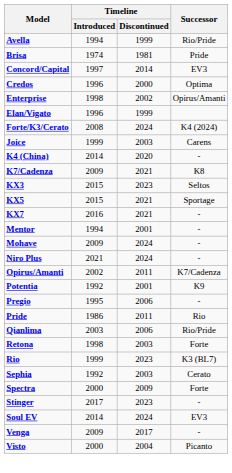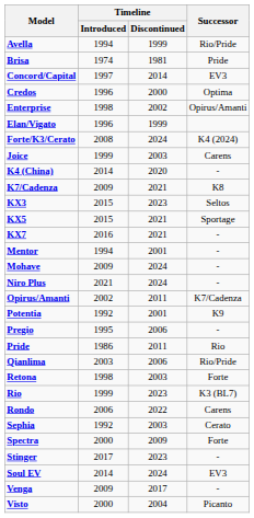 <table class="wikitable sortable" style="text-align: center; font-size: 0.90em; width: 25%">
 <tr>
 <th rowspan="2">Model</th>
 <th colspan="2">Timeline</th>
 <th rowspan="2" width="14%">Successor</th>
 </tr>
 <tr>
 <th width="25%">Introduced</th>
 <th width="25%">Discontinued</th>
 </tr>
 <tr>
 <td style="text-align: left"><a href='#'><strong>Avella</strong></a></td>
 <td>1994</td>
 <td>1999</td>
 <td>Rio/Pride</td>
 </tr>
 <tr>
 <td style="text-align: left"><a href='#'><strong>Brisa</strong></a></td>
 <td>1974</td>
 <td>1981</td>
 <td>Pride</td>
 </tr>
 <tr>
 <td style="text-align: left"><a href='#'><strong>Concord/Capital</strong></a></td>
 <td>1997</td>
 <td>2014</td>
 <td>EV3</td>
 </tr>
 <tr>
 <td style="text-align: left"><a href='#'><strong>Credos</strong></a></td>
 <td>1996</td>
 <td>2000</td>
 <td>Optima</td>
 </tr>
 <tr>
 <td style="text-align: left"><a href='#'><strong>Enterprise</strong></a></td>
 <td>1998</td>
 <td>2002</td>
 <td>Opirus/Amanti</td>
 </tr>
 <tr>
 <td style="text-align: left"><a href='#'><strong>Elan/Vigato</strong></a></td>
 <td>1996</td>
 <td>1999</td>
 <td></td>
 </tr>
 <tr>
 <td style="text-align: left"><a href='#'><strong>Forte/K3/Cerato</strong></a></td>
 <td>2008</td>
 <td>2024</td>
 <td>K4 (2024)</td>
 </tr>
 <tr>
 <td style="text-align: left"><a href='#'><strong>Joice</strong></a></td>
 <td>1999</td>
 <td>2003</td>
 <td>Carens</td>
 </tr>
 <tr>
 <td style="text-align: left"><a href='#'><strong>K4 (China)</strong></a></td>
 <td>2014</td>
 <td>2020</td>
 <td>-</td>
 </tr>
 <tr>
 <td style="text-align: left"><a href='#'><strong>K7/Cadenza</strong></a></td>
 <td>2009</td>
 <td>2021</td>
 <td>K8</td>
 </tr>
 <tr>
 <td style="text-align: left"><a href='#'><strong>KX3</strong></a></td>
 <td>2015</td>
 <td>2023</td>
 <td>Seltos</td>
 </tr>
 <tr>
 <td style="text-align: left"><a href='#'><strong>KX5</strong></a></td>
 <td>2015</td>
 <td>2021</td>
 <td>Sportage</td>
 </tr>
 <tr>
 <td style="text-align: left"><a href='#'><strong>KX7</strong></a></td>
 <td>2016</td>
 <td>2021</td>
 <td>-</td>
 </tr>
 <tr>
 <td style="text-align: left"><a href='#'><strong>Mentor</strong></a></td>
 <td>1994</td>
 <td>2001</td>
 <td>-</td>
 </tr>
 <tr>
 <td style="text-align: left"><a href='#'><strong>Mohave</strong></a></td>
 <td>2009</td>
 <td>2024</td>
 <td>-</td>
 </tr>
 <tr>
 <td style="text-align: left"'><a href='#'><strong>Niro Plus</strong></a></td>
 <td>2021</td>
 <td>2024</td>
 <td>-</td>
 </tr>
 <tr>
 <td style="text-align: left"><a href='#'><strong>Opirus/Amanti</strong></a></td>
 <td>2002</td>
 <td>2011</td>
 <td>K7/Cadenza</td>
 </tr>
 <tr>
 <td style="text-align: left"><a href='#'><strong>Potentia</strong></a></td>
 <td>1992</td>
 <td>2001</td>
 <td>K9</td>
 </tr>
 <tr>
 <td style="text-align: left"><a href='#'><strong>Pregio</strong></a></td>
 <td>1995</td>
 <td>2006</td>
 <td>-</td>
 </tr>
 <tr>
 <td style="text-align: left"><a href='#'><strong>Pride</strong></a></td>
 <td>1986</td>
 <td>2011</td>
 <td>Rio</td>
 </tr>
 <tr>
 <td style="text-align: left"><a href='#'><strong>Qianlima</strong></a></td>
 <td>2003</td>
 <td>2006</td>
 <td>Rio/Pride</td>
 </tr>
 <tr>
 <td style="text-align: left"><a href='#'><strong>Retona</strong></a></td>
 <td>1998</td>
 <td>2003</td>
 <td>Forte</td>
 </tr>
 <tr>
 <td style="text-align: left"><a href='#'><strong>Rio</strong></a></td>
 <td>1999</td>
 <td>2023</td>
 <td>K3 (BL7)</td>
 </tr>
 <tr>
+<td style="text-align: left"><a href='#'><strong>Rondo</strong></a></td>
+<td>2006</td>
+<td>2022</td>
+<td>Carens</td>
+</tr>
+<tr>
 <td style="text-align: left"><a href='#'><strong>Sephia</strong></a></td>
 <td>1992</td>
 <td>2003</td>
 <td>Cerato</td>
 </tr>
 <tr>
 <td style="text-align: left"><a href='#'><strong>Spectra</strong></a></td>
 <td>2000</td>
 <td>2009</td>
 <td>Forte</td>
 </tr>
 <tr>
 <td style="text-align: left"><a href='#'><strong>Stinger</strong></a></td>
 <td>2017</td>
 <td>2023</td>
 <td>-</td>
 </tr>
 <tr>
 <td style="text-align: left"><a href='#'><strong>Soul EV</strong></a></td>
 <td>2014</td>
 <td>2024</td>
 <td>EV3</td>
 </tr>
 <tr>
 <td style="text-align: left"><a href='#'><strong>Venga</strong></a></td>
 <td>2009</td>
 <td>2017</td>
 <td>-</td>
 </tr>
 <tr>
 <td style="text-align: left"><a href='#'><strong>Visto</strong></a></td>
 <td>2000</td>
 <td>2004</td>
 <td>Picanto</td>
 </tr>
 </table>
